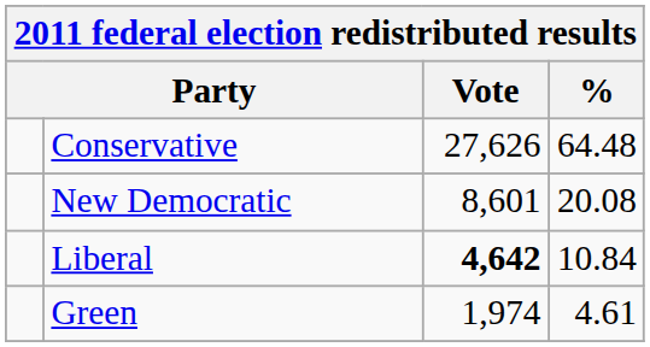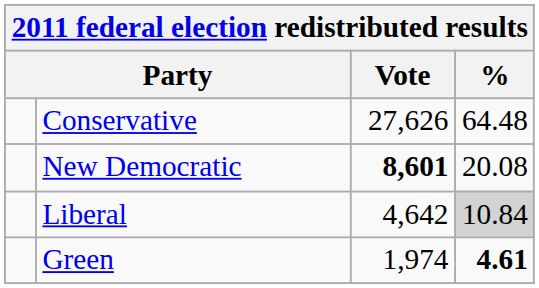 <table class="wikitable">
 <tr>
 <th colspan="4"><a href='#'>2011 federal election</a> redistributed results</th>
 </tr>
 <tr>
 <th bgcolor="#DDDDFF" width="130px" colspan="2">Party</th>
 <th bgcolor="#DDDDFF" width="50px">Vote</th>
 <th bgcolor="#DDDDFF" width="30px">%</th>
 </tr>
 <tr>
 <td> </td>
 <td><a href='#'>Conservative</a></td>
 <td align=right>27,626</td>
 <td align=right>64.48</td>
 </tr>
 <tr>
 <td> </td>
 <td><a href='#'>New Democratic</a></td>
-<td align=right>8,601</td>
+<td align=right><strong>8,601</strong></td>
 <td align=right>20.08</td>
 </tr>
 <tr>
 <td> </td>
 <td><a href='#'>Liberal</a></td>
-<td align=right><strong>4,642</strong></td>
-<td align=right>10.84</td>
+<td align=right>4,642</td>
+<td align=right style="background: lightgrey;">10.84</td>
 </tr>
 <tr>
 <td> </td>
 <td><a href='#'>Green</a></td>
 <td align=right>1,974</td>
-<td align=right>4.61</td>
+<td align=right><strong>4.61</strong></td>
 </tr>
 </table>
